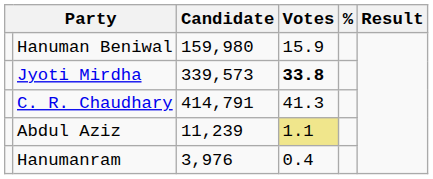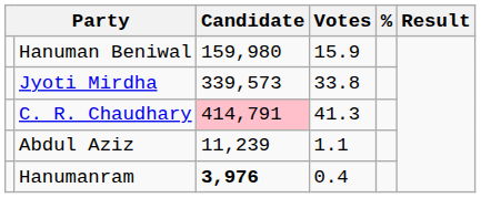 <table class="wikitable">
 <tr>
 <th colspan=2>Party</th>
 <th>Candidate</th>
 <th>Votes</th>
 <th>%</th>
 <th>Result</th>
 </tr>
 <tr>
 <td></td>
 <td>Hanuman Beniwal</td>
 <td>159,980</td>
 <td>15.9</td>
 <td></td>
 </tr>
 <tr>
 <td></td>
 <td><a href='#'>Jyoti Mirdha</a></td>
 <td>339,573</td>
-<td><strong>33.8</strong></td>
+<td>33.8</td>
 <td></td>
 </tr>
 <tr>
 <td></td>
 <td><a href='#'>C. R. Chaudhary</a></td>
-<td>414,791</td>
+<td style="background: pink;">414,791</td>
 <td>41.3</td>
 <td></td>
 </tr>
 <tr>
 <td></td>
 <td>Abdul Aziz</td>
 <td>11,239</td>
-<td style="background: khaki;">1.1</td>
+<td>1.1</td>
 <td></td>
 </tr>
 <tr>
 <td></td>
 <td>Hanumanram</td>
-<td>3,976</td>
+<td><strong>3,976</strong></td>
 <td>0.4</td>
 <td></td>
 </tr>
 </table>
